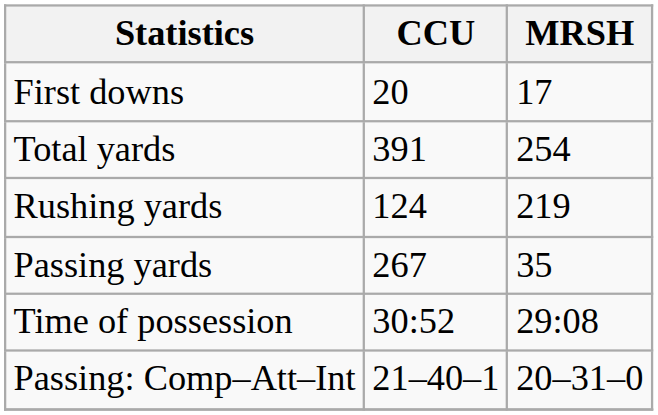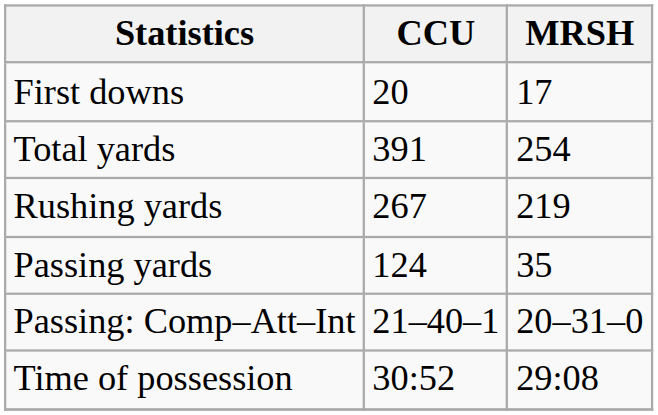 <table class="wikitable" style="float: left;">
 <tr>
 <th>Statistics</th>
 <th>CCU</th>
 <th>MRSH</th>
 </tr>
 <tr>
 <td>First downs</td>
 <td>20</td>
 <td>17</td>
 </tr>
 <tr>
 <td>Total yards</td>
 <td>391</td>
 <td>254</td>
 </tr>
 <tr>
 <td>Rushing yards</td>
-<td>124</td>
+<td>267</td>
 <td>219</td>
 </tr>
 <tr>
 <td>Passing yards</td>
-<td>267</td>
+<td>124</td>
 <td>35</td>
+</tr>
+<tr>
+<td>Passing: Comp–Att–Int</td>
+<td>21–40–1</td>
+<td>20–31–0</td>
 </tr>
 <tr>
 <td>Time of possession</td>
 <td>30:52</td>
 <td>29:08</td>
 </tr>
 <tr>
-<td>Passing: Comp–Att–Int</td>
-<td>21–40–1</td>
-<td>20–31–0</td>
-</tr>
-<tr>
 </tr>
 </table>
